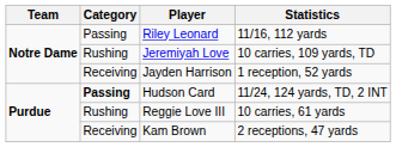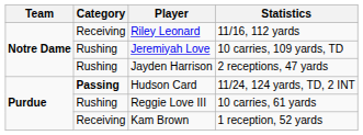 <table class="wikitable" style="float: right;">
 <tr>
 <th>Team</th>
 <th>Category</th>
 <th>Player</th>
 <th>Statistics</th>
 </tr>
 <tr>
 <td rowspan=3><strong>Notre Dame</strong></td>
-<td>Passing</td>
+<td>Receiving</td>
 <td><a href='#'>Riley Leonard</a></td>
 <td>11/16, 112 yards</td>
 </tr>
 <tr>
 <td>Rushing</td>
 <td><a href='#'>Jeremiyah Love</a></td>
 <td>10 carries, 109 yards, TD</td>
 </tr>
 <tr>
-<td>Receiving</td>
+<td>Rushing</td>
 <td>Jayden Harrison</td>
-<td>1 reception, 52 yards</td>
+<td>2 receptions, 47 yards</td>
 </tr>
 <tr>
 <td rowspan=3><strong>Purdue</strong></td>
 <td><strong>Passing</strong></td>
 <td>Hudson Card</td>
 <td>11/24, 124 yards, TD, 2 INT</td>
 </tr>
 <tr>
 <td>Rushing</td>
 <td>Reggie Love III</td>
 <td>10 carries, 61 yards</td>
 </tr>
 <tr>
 <td>Receiving</td>
 <td>Kam Brown</td>
-<td>2 receptions, 47 yards</td>
+<td>1 reception, 52 yards</td>
 </tr>
 </table>
